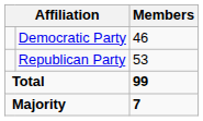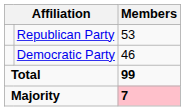 <table class="wikitable">
 <tr>
 <th colspan="2">Affiliation</th>
 <th>Members</th>
 </tr>
 <tr>
 <td style="background-color:"> </td>
-<td><a href='#'>Democratic Party</a></td>
-<td>46</td>
+<td><a href='#'>Republican Party</a></td>
+<td>53</td>
 </tr>
 <tr>
 <td style="background-color:"> </td>
-<td><a href='#'>Republican Party</a></td>
-<td>53</td>
+<td><a href='#'>Democratic Party</a></td>
+<td>46</td>
 </tr>
 <tr>
 <td colspan="2" rowspan="1"> <strong>Total</strong></td>
 <td><strong>99</strong></td>
 </tr>
 <tr>
 <td colspan="2" rowspan="1"> <strong>Majority</strong></td>
-<td><strong>7</strong></td>
+<td style="background: pink;"><strong>7</strong></td>
 </tr>
 </table>
